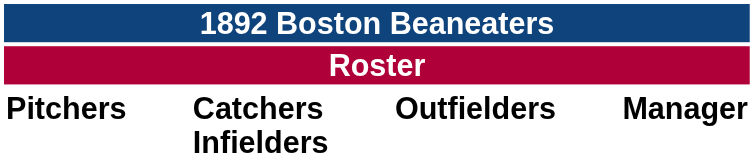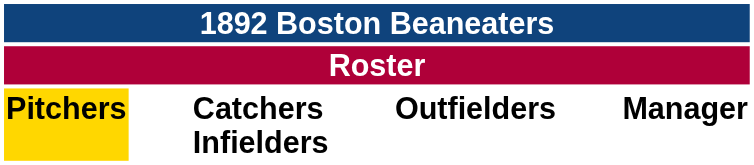 <table class="toccolours" style="font-size: 95%;">
 <tr>
 <th colspan="10" style="background-color: #0f437c; color: white; text-align: center;">1892 Boston Beaneaters</th>
 </tr>
 <tr>
 <td colspan="10" style="background-color: #af0039; color: white; text-align: center;"><strong>Roster</strong></td>
 </tr>
 <tr>
-<td valign="top"><strong>Pitchers</strong><br>     </td>
+<td valign="top" style="background: gold;"><strong>Pitchers</strong><br>     </td>
 <td width="25px"></td>
 <td valign="top"><strong>Catchers</strong><br>     <strong>Infielders</strong>    </td>
 <td width="25px"></td>
 <td valign="top"><strong>Outfielders</strong><br>   </td>
 <td width="25px"></td>
 <td valign="top"><strong>Manager</strong><br></td>
 </tr>
 </table>
